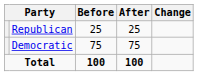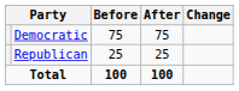 <table class="wikitable" style="text-align:center;">
 <tr>
 <th colspan="2">Party</th>
 <th>Before</th>
 <th>After</th>
 <th>Change</th>
 </tr>
 <tr>
 <th style="background-color:"></th>
-<td style="text-align:left;"><a href='#'>Republican</a></td>
-<td>25</td>
-<td>25</td>
+<td style="text-align:left;"><a href='#'>Democratic</a></td>
+<td>75</td>
+<td>75</td>
 <td></td>
 </tr>
 <tr>
 <th style="background-color:"></th>
-<td style="text-align:left;"><a href='#'>Democratic</a></td>
-<td>75</td>
-<td>75</td>
+<td style="text-align:left;"><a href='#'>Republican</a></td>
+<td>25</td>
+<td>25</td>
 <td></td>
 </tr>
 <tr>
 <td colspan="2"><strong>Total</strong></td>
 <td><strong>100</strong></td>
 <td><strong>100</strong></td>
 <td></td>
 </tr>
 </table>
